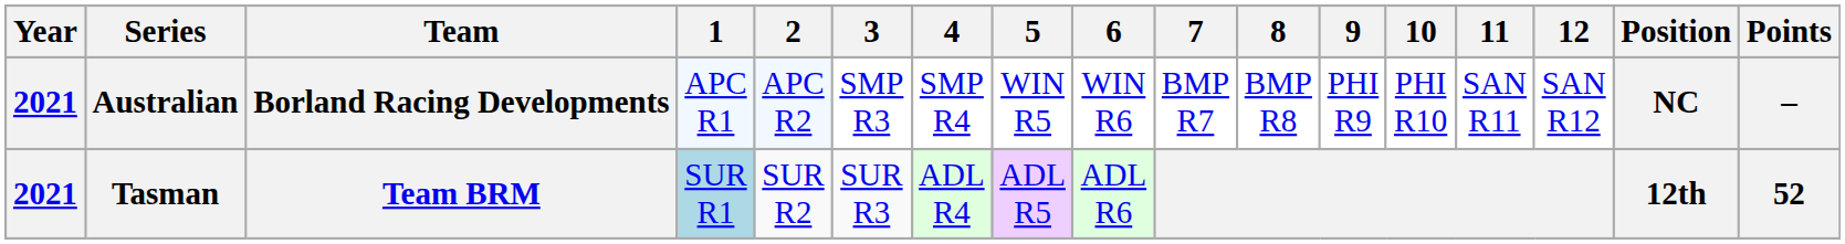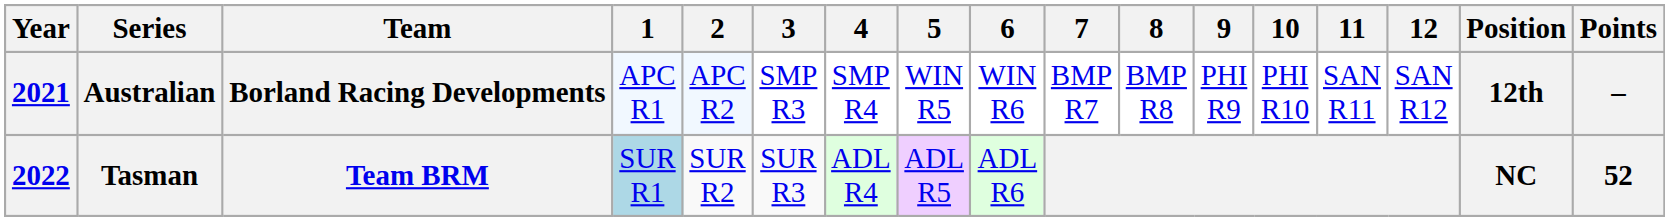 <table class="wikitable" style="text-align:center; font-size:85%">
 <tr>
 <th>Year</th>
 <th>Series</th>
 <th>Team</th>
 <th>1</th>
 <th>2</th>
 <th>3</th>
 <th>4</th>
 <th>5</th>
 <th>6</th>
 <th>7</th>
 <th>8</th>
 <th>9</th>
 <th>10</th>
 <th>11</th>
 <th>12</th>
 <th>Position</th>
 <th>Points</th>
 </tr>
 <tr>
 <th><a href='#'>2021</a></th>
 <th nowrap>Australian</th>
 <th nowrap>Borland Racing Developments</th>
 <td style="background: #f1f8ff"><a href='#'>APC<br>R1</a><br></td>
 <td style="background: #f1f8ff"><a href='#'>APC<br>R2</a><br></td>
 <td style="background: #ffffff"><a href='#'>SMP<br>R3</a><br></td>
 <td style="background: #ffffff"><a href='#'>SMP<br>R4</a><br></td>
 <td style="background: #ffffff"><a href='#'>WIN<br>R5</a><br></td>
 <td style="background: #ffffff"><a href='#'>WIN<br>R6</a><br></td>
 <td style="background: #ffffff"><a href='#'>BMP<br>R7</a><br></td>
 <td style="background: #ffffff"><a href='#'>BMP<br>R8</a><br></td>
 <td style="background: #ffffff"><a href='#'>PHI<br>R9</a><br></td>
 <td style="background: #ffffff"><a href='#'>PHI<br>R10</a><br></td>
 <td style="background: #ffffff"><a href='#'>SAN<br>R11</a><br></td>
 <td style="background: #ffffff"><a href='#'>SAN<br>R12</a><br></td>
-<th>NC</th>
+<th>12th</th>
 <th>–</th>
 </tr>
 <tr>
-<th><a href='#'>2021</a></th>
+<th><a href='#'>2022</a></th>
 <th nowrap>Tasman</th>
 <th nowrap><a href='#'>Team BRM</a></th>
 <td style="background: lightblue;"><a href='#'>SUR<br>R1</a></td>
 <td><a href='#'>SUR<br>R2</a></td>
 <td><a href='#'>SUR<br>R3</a></td>
 <td style="background:#dfffdf"><a href='#'>ADL<br>R4</a><br></td>
 <td style="background:#efcfff"><a href='#'>ADL<br>R5</a><br></td>
 <td style="background:#dfffdf"><a href='#'>ADL<br>R6</a><br></td>
 <th colspan=6></th>
-<th>12th</th>
+<th>NC</th>
 <th>52</th>
 </tr>
 </table>
